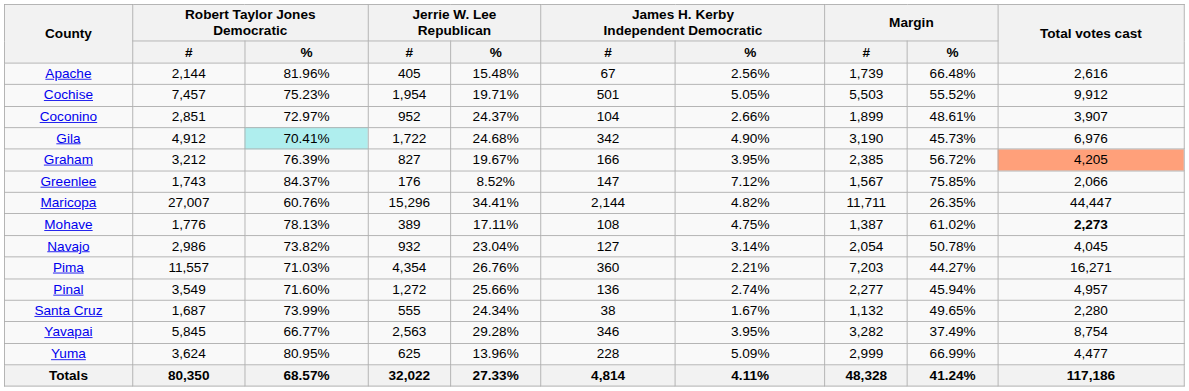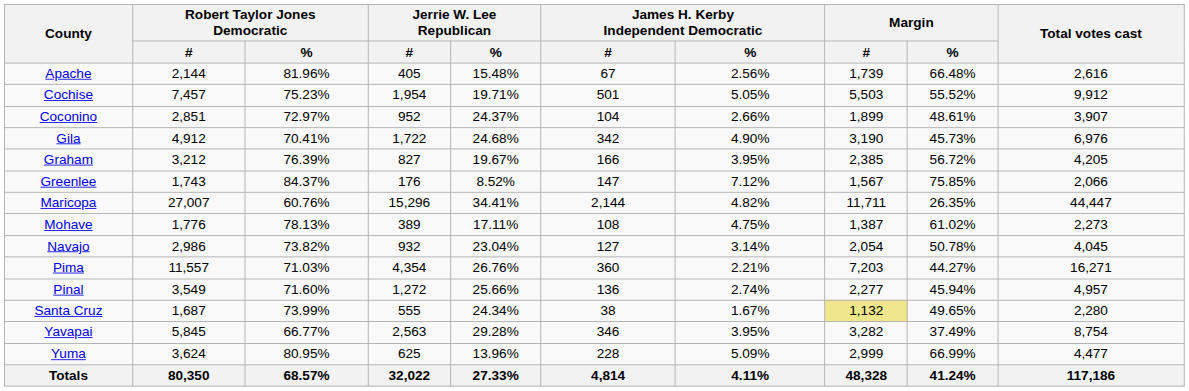 <table width="70%" class="wikitable sortable" style="text-align:center">
 <tr>
 <th rowspan="2">County</th>
 <th style="text-align:center;" colspan="2">Robert Taylor Jones<br>Democratic</th>
 <th style="text-align:center;" colspan="2">Jerrie W. Lee<br>Republican</th>
 <th style="text-align:center;" colspan="2">James H. Kerby<br>Independent Democratic</th>
 <th style="text-align:center;" colspan="2">Margin</th>
 <th style="text-align:center;" rowspan="2">Total votes cast</th>
 </tr>
 <tr>
 <th style="text-align:center;" data-sort-type="number">#</th>
 <th style="text-align:center;" data-sort-type="number">%</th>
 <th style="text-align:center;" data-sort-type="number">#</th>
 <th style="text-align:center;" data-sort-type="number">%</th>
 <th style="text-align:center;" data-sort-type="number">#</th>
 <th style="text-align:center;" data-sort-type="number">%</th>
 <th style="text-align:center;" data-sort-type="number">#</th>
 <th style="text-align:center;" data-sort-type="number">%</th>
 </tr>
 <tr style="text-align:center;">
 <td><a href='#'>Apache</a></td>
 <td>2,144</td>
 <td>81.96%</td>
 <td>405</td>
 <td>15.48%</td>
 <td>67</td>
 <td>2.56%</td>
 <td>1,739</td>
 <td>66.48%</td>
 <td>2,616</td>
 </tr>
 <tr style="text-align:center;">
 <td><a href='#'>Cochise</a></td>
 <td>7,457</td>
 <td>75.23%</td>
 <td>1,954</td>
 <td>19.71%</td>
 <td>501</td>
 <td>5.05%</td>
 <td>5,503</td>
 <td>55.52%</td>
 <td>9,912</td>
 </tr>
 <tr style="text-align:center;">
 <td><a href='#'>Coconino</a></td>
 <td>2,851</td>
 <td>72.97%</td>
 <td>952</td>
 <td>24.37%</td>
 <td>104</td>
 <td>2.66%</td>
 <td>1,899</td>
 <td>48.61%</td>
 <td>3,907</td>
 </tr>
 <tr style="text-align:center;">
 <td><a href='#'>Gila</a></td>
 <td>4,912</td>
-<td style="background: paleturquoise;">70.41%</td>
+<td>70.41%</td>
 <td>1,722</td>
 <td>24.68%</td>
 <td>342</td>
 <td>4.90%</td>
 <td>3,190</td>
 <td>45.73%</td>
 <td>6,976</td>
 </tr>
 <tr style="text-align:center;">
 <td><a href='#'>Graham</a></td>
 <td>3,212</td>
 <td>76.39%</td>
 <td>827</td>
 <td>19.67%</td>
 <td>166</td>
 <td>3.95%</td>
 <td>2,385</td>
 <td>56.72%</td>
-<td style="background: lightsalmon;">4,205</td>
+<td>4,205</td>
 </tr>
 <tr style="text-align:center;">
 <td><a href='#'>Greenlee</a></td>
 <td>1,743</td>
 <td>84.37%</td>
 <td>176</td>
 <td>8.52%</td>
 <td>147</td>
 <td>7.12%</td>
 <td>1,567</td>
 <td>75.85%</td>
 <td>2,066</td>
 </tr>
 <tr style="text-align:center;">
 <td><a href='#'>Maricopa</a></td>
 <td>27,007</td>
 <td>60.76%</td>
 <td>15,296</td>
 <td>34.41%</td>
 <td>2,144</td>
 <td>4.82%</td>
 <td>11,711</td>
 <td>26.35%</td>
 <td>44,447</td>
 </tr>
 <tr style="text-align:center;">
 <td><a href='#'>Mohave</a></td>
 <td>1,776</td>
 <td>78.13%</td>
 <td>389</td>
 <td>17.11%</td>
 <td>108</td>
 <td>4.75%</td>
 <td>1,387</td>
 <td>61.02%</td>
-<td><strong>2,273</strong></td>
+<td>2,273</td>
 </tr>
 <tr style="text-align:center;">
 <td><a href='#'>Navajo</a></td>
 <td>2,986</td>
 <td>73.82%</td>
 <td>932</td>
 <td>23.04%</td>
 <td>127</td>
 <td>3.14%</td>
 <td>2,054</td>
 <td>50.78%</td>
 <td>4,045</td>
 </tr>
 <tr style="text-align:center;">
 <td><a href='#'>Pima</a></td>
 <td>11,557</td>
 <td>71.03%</td>
 <td>4,354</td>
 <td>26.76%</td>
 <td>360</td>
 <td>2.21%</td>
 <td>7,203</td>
 <td>44.27%</td>
 <td>16,271</td>
 </tr>
 <tr style="text-align:center;">
 <td><a href='#'>Pinal</a></td>
 <td>3,549</td>
 <td>71.60%</td>
 <td>1,272</td>
 <td>25.66%</td>
 <td>136</td>
 <td>2.74%</td>
 <td>2,277</td>
 <td>45.94%</td>
 <td>4,957</td>
 </tr>
 <tr style="text-align:center;">
 <td><a href='#'>Santa Cruz</a></td>
 <td>1,687</td>
 <td>73.99%</td>
 <td>555</td>
 <td>24.34%</td>
 <td>38</td>
 <td>1.67%</td>
-<td>1,132</td>
+<td style="background: khaki;">1,132</td>
 <td>49.65%</td>
 <td>2,280</td>
 </tr>
 <tr style="text-align:center;">
 <td><a href='#'>Yavapai</a></td>
 <td>5,845</td>
 <td>66.77%</td>
 <td>2,563</td>
 <td>29.28%</td>
 <td>346</td>
 <td>3.95%</td>
 <td>3,282</td>
 <td>37.49%</td>
 <td>8,754</td>
 </tr>
 <tr style="text-align:center;">
 <td><a href='#'>Yuma</a></td>
 <td>3,624</td>
 <td>80.95%</td>
 <td>625</td>
 <td>13.96%</td>
 <td>228</td>
 <td>5.09%</td>
 <td>2,999</td>
 <td>66.99%</td>
 <td>4,477</td>
 </tr>
 <tr style="text-align:center;">
 <th>Totals</th>
 <th>80,350</th>
 <th>68.57%</th>
 <th>32,022</th>
 <th>27.33%</th>
 <th>4,814</th>
 <th>4.11%</th>
 <th>48,328</th>
 <th>41.24%</th>
 <th>117,186</th>
 </tr>
 </table>
